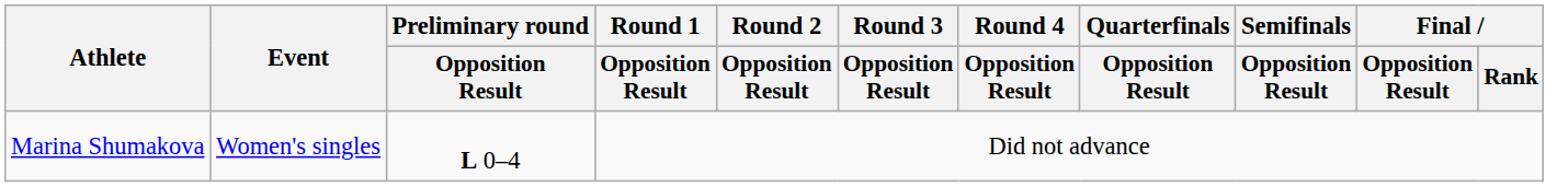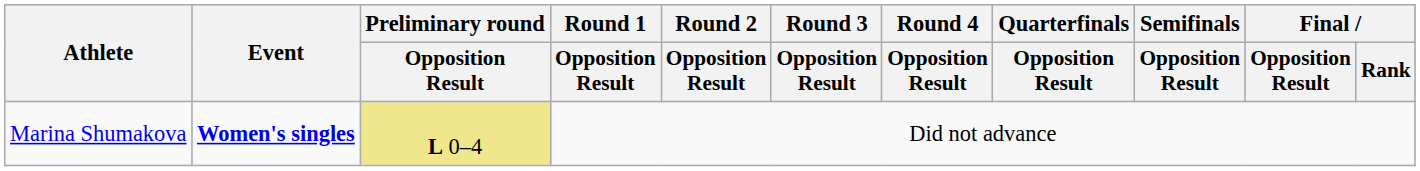 <table class="wikitable" style="font-size:90%">
 <tr>
 <th rowspan="2">Athlete</th>
 <th rowspan="2">Event</th>
 <th>Preliminary round</th>
 <th>Round 1</th>
 <th>Round 2</th>
 <th>Round 3</th>
 <th>Round 4</th>
 <th>Quarterfinals</th>
 <th>Semifinals</th>
 <th colspan=2>Final / </th>
 </tr>
 <tr style="font-size:95%">
 <th>Opposition<br>Result</th>
 <th>Opposition<br>Result</th>
 <th>Opposition<br>Result</th>
 <th>Opposition<br>Result</th>
 <th>Opposition<br>Result</th>
 <th>Opposition<br>Result</th>
 <th>Opposition<br>Result</th>
 <th>Opposition<br>Result</th>
 <th>Rank</th>
 </tr>
 <tr align=center>
 <td align=left><a href='#'>Marina Shumakova</a></td>
-<td align=left><a href='#'>Women's singles</a></td>
-<td><br><strong>L</strong> 0–4</td>
+<td align=left><strong><a href='#'>Women's singles</a></strong></td>
+<td style="background: khaki;"><br><strong>L</strong> 0–4</td>
 <td colspan=8>Did not advance</td>
 </tr>
 </table>
